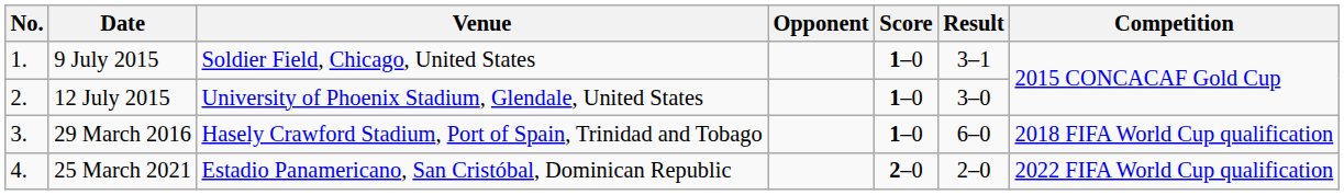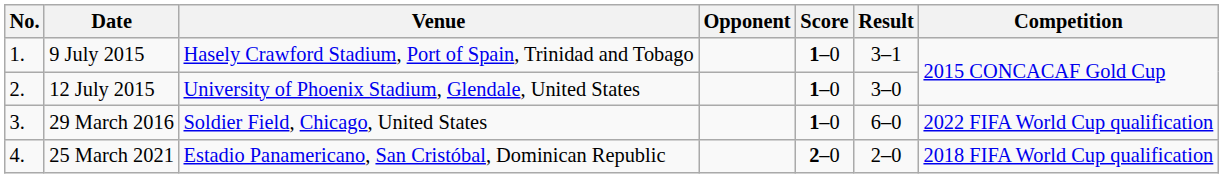 <table class="wikitable" style="font-size:85%;">
 <tr>
 <th>No.</th>
 <th>Date</th>
 <th>Venue</th>
 <th>Opponent</th>
 <th>Score</th>
 <th>Result</th>
 <th>Competition</th>
 </tr>
 <tr>
 <td>1.</td>
 <td>9 July 2015</td>
-<td><a href='#'>Soldier Field</a>, <a href='#'>Chicago</a>, United States</td>
+<td><a href='#'>Hasely Crawford Stadium</a>, <a href='#'>Port of Spain</a>, Trinidad and Tobago</td>
 <td></td>
 <td align=center><strong>1</strong>–0</td>
 <td align=center>3–1</td>
 <td rowspan=2><a href='#'>2015 CONCACAF Gold Cup</a></td>
 </tr>
 <tr>
 <td>2.</td>
 <td>12 July 2015</td>
 <td><a href='#'>University of Phoenix Stadium</a>, <a href='#'>Glendale</a>, United States</td>
 <td></td>
 <td align=center><strong>1</strong>–0</td>
 <td align=center>3–0</td>
 </tr>
 <tr>
 <td>3.</td>
 <td>29 March 2016</td>
-<td><a href='#'>Hasely Crawford Stadium</a>, <a href='#'>Port of Spain</a>, Trinidad and Tobago</td>
+<td><a href='#'>Soldier Field</a>, <a href='#'>Chicago</a>, United States</td>
 <td></td>
 <td align=center><strong>1</strong>–0</td>
 <td align=center>6–0</td>
-<td><a href='#'>2018 FIFA World Cup qualification</a></td>
+<td><a href='#'>2022 FIFA World Cup qualification</a></td>
 </tr>
 <tr>
 <td>4.</td>
 <td>25 March 2021</td>
 <td><a href='#'>Estadio Panamericano</a>, <a href='#'>San Cristóbal</a>, Dominican Republic</td>
 <td></td>
 <td align=center><strong>2</strong>–0</td>
 <td align=center>2–0</td>
-<td><a href='#'>2022 FIFA World Cup qualification</a></td>
+<td><a href='#'>2018 FIFA World Cup qualification</a></td>
 </tr>
 </table>
